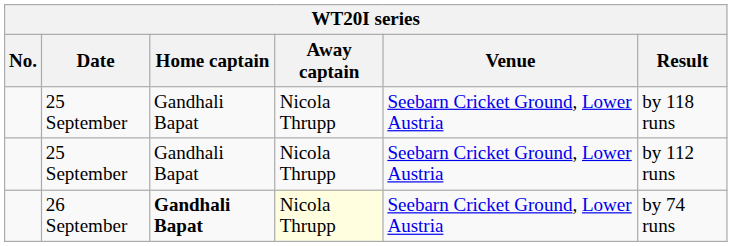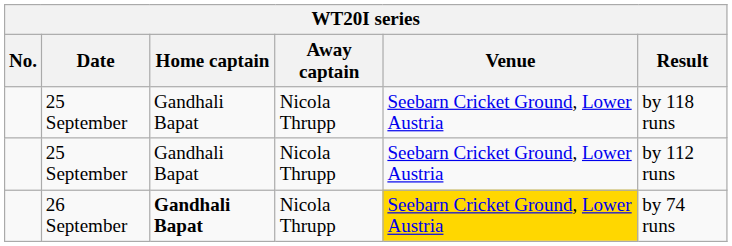 <table class="wikitable">
 <tr>
 <th colspan="9">WT20I series</th>
 </tr>
 <tr>
 <th>No.</th>
 <th>Date</th>
 <th>Home captain</th>
 <th>Away captain</th>
 <th>Venue</th>
 <th>Result</th>
 </tr>
 <tr>
 <td></td>
 <td>25 September</td>
 <td>Gandhali Bapat</td>
 <td>Nicola Thrupp</td>
 <td><a href='#'>Seebarn Cricket Ground</a>, <a href='#'>Lower Austria</a></td>
 <td> by 118 runs</td>
 </tr>
 <tr>
 <td></td>
 <td>25 September</td>
 <td>Gandhali Bapat</td>
 <td>Nicola Thrupp</td>
 <td><a href='#'>Seebarn Cricket Ground</a>, <a href='#'>Lower Austria</a></td>
 <td> by 112 runs</td>
 </tr>
 <tr>
 <td></td>
 <td>26 September</td>
 <td><strong>Gandhali Bapat</strong></td>
-<td style="background: lightyellow;">Nicola Thrupp</td>
-<td><a href='#'>Seebarn Cricket Ground</a>, <a href='#'>Lower Austria</a></td>
+<td>Nicola Thrupp</td>
+<td style="background: gold;"><a href='#'>Seebarn Cricket Ground</a>, <a href='#'>Lower Austria</a></td>
 <td> by 74 runs</td>
 </tr>
 </table>
